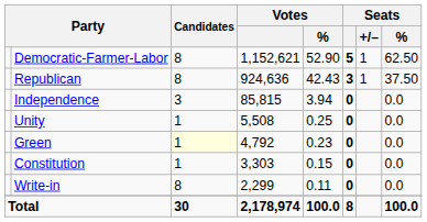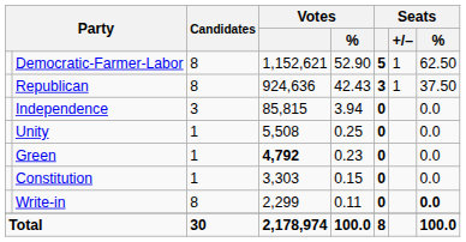 <table class="wikitable" style="font-size: 95%;">
 <tr>
 <th colspan="2" rowspan="2">Party</th>
 <th rowspan="2"><small>Candi</small><small>dates</small></th>
 <th colspan="2">Votes</th>
 <th colspan="3">Seats</th>
 </tr>
 <tr>
 <th></th>
 <th>%</th>
 <th></th>
 <th>+/–</th>
 <th>%</th>
 </tr>
 <tr>
 <td style="color:inherit;background:"></td>
 <td align="left"><a href='#'>Democratic-Farmer-Labor</a></td>
 <td>8</td>
 <td>1,152,621</td>
 <td>52.90</td>
 <td><strong>5</strong></td>
 <td> 1</td>
 <td>62.50</td>
 </tr>
 <tr>
 <td style="color:inherit;background:"></td>
 <td align="left"><a href='#'>Republican</a></td>
 <td>8</td>
 <td>924,636</td>
 <td>42.43</td>
 <td><strong>3</strong></td>
 <td> 1</td>
 <td>37.50</td>
 </tr>
 <tr>
 <td style="color:inherit;background:"></td>
 <td align="left"><a href='#'>Independence</a></td>
 <td>3</td>
 <td>85,815</td>
 <td>3.94</td>
 <td><strong>0</strong></td>
 <td></td>
 <td>0.0</td>
 </tr>
 <tr>
 <td style="color:inherit;background:"></td>
 <td align="left"><a href='#'>Unity</a></td>
 <td>1</td>
 <td>5,508</td>
 <td>0.25</td>
 <td><strong>0</strong></td>
 <td></td>
 <td>0.0</td>
 </tr>
 <tr>
 <td style="color:inherit;background:"></td>
 <td align="left"><a href='#'>Green</a></td>
-<td style="background: lightyellow;">1</td>
-<td>4,792</td>
+<td>1</td>
+<td><strong>4,792</strong></td>
 <td>0.23</td>
 <td><strong>0</strong></td>
 <td></td>
 <td>0.0</td>
 </tr>
 <tr>
 <td style="color:inherit;background:"></td>
 <td align="left"><a href='#'>Constitution</a></td>
 <td>1</td>
 <td>3,303</td>
 <td>0.15</td>
 <td><strong>0</strong></td>
 <td></td>
 <td>0.0</td>
 </tr>
 <tr>
 <td style="color:inherit;background:"></td>
 <td align="left"><a href='#'>Write-in</a></td>
 <td>8</td>
 <td>2,299</td>
 <td>0.11</td>
 <td><strong>0</strong></td>
 <td></td>
-<td>0.0</td>
+<td><strong>0.0</strong></td>
 </tr>
 <tr>
 </tr>
 <tr style="font-weight:bold">
 <td colspan="2" align="left">Total</td>
 <td>30</td>
 <td>2,178,974</td>
 <td>100.0</td>
 <td>8</td>
 <td></td>
 <td>100.0</td>
 </tr>
 </table>
